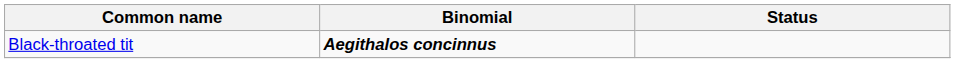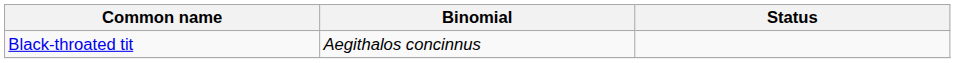 <table width=72% class="wikitable">
 <tr>
 <th width=24%>Common name</th>
 <th width=24%>Binomial</th>
 <th width=24%>Status</th>
 </tr>
 <tr>
 <td><a href='#'>Black-throated tit</a></td>
-<td><strong><em>Aegithalos concinnus</em></strong></td>
+<td><em>Aegithalos concinnus</em></td>
 <td></td>
 </tr>
 <tr>
 </tr>
 </table>
